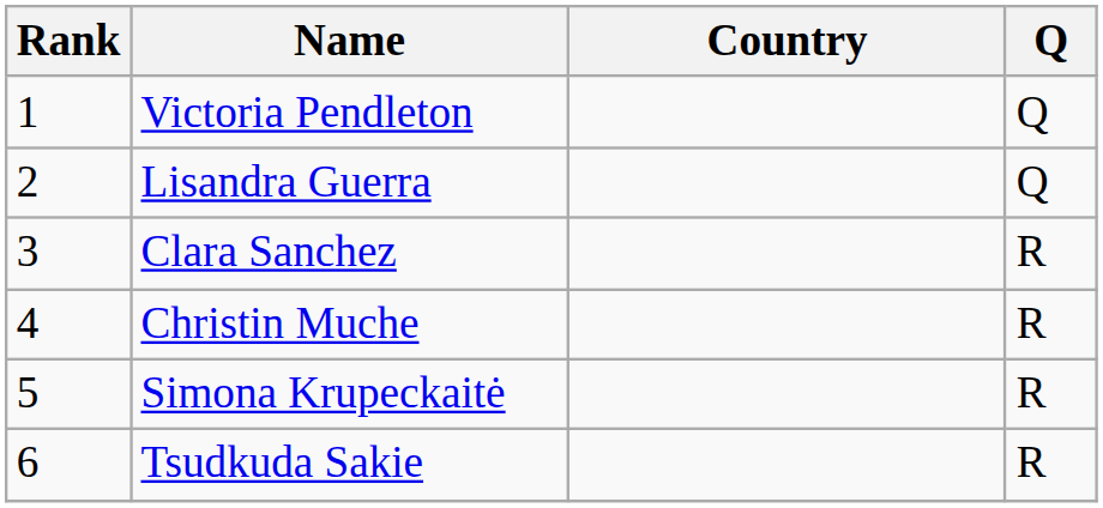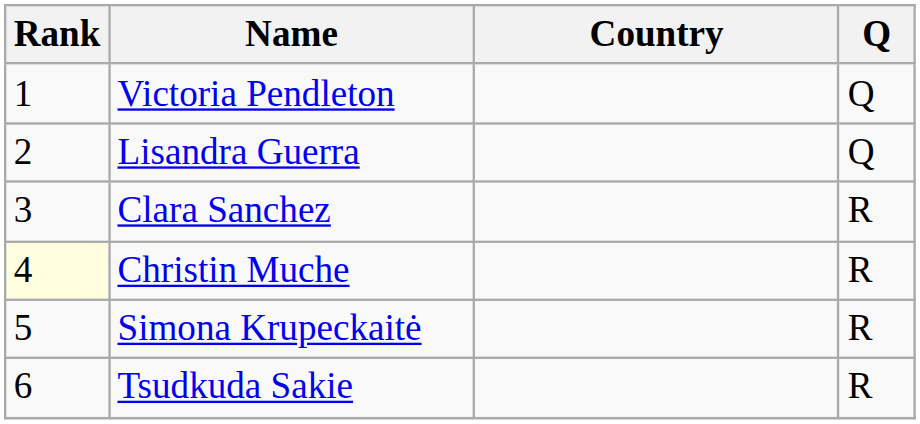 <table class="wikitable">
 <tr>
 <th width=20>Rank</th>
 <th width=150>Name</th>
 <th width=150>Country</th>
 <th width=25>Q</th>
 </tr>
 <tr>
 <td>1</td>
 <td><a href='#'>Victoria Pendleton</a></td>
 <td></td>
 <td>Q</td>
 </tr>
 <tr>
 <td>2</td>
 <td><a href='#'>Lisandra Guerra</a></td>
 <td></td>
 <td>Q</td>
 </tr>
 <tr>
 <td>3</td>
 <td><a href='#'>Clara Sanchez</a></td>
 <td></td>
 <td>R</td>
 </tr>
 <tr>
-<td>4</td>
+<td style="background: lightyellow;">4</td>
 <td><a href='#'>Christin Muche</a></td>
 <td></td>
 <td>R</td>
 </tr>
 <tr>
 <td>5</td>
 <td><a href='#'>Simona Krupeckaitė</a></td>
 <td></td>
 <td>R</td>
 </tr>
 <tr>
 <td>6</td>
 <td><a href='#'>Tsudkuda Sakie</a></td>
 <td></td>
 <td>R</td>
 </tr>
 <tr>
 </tr>
 </table>
